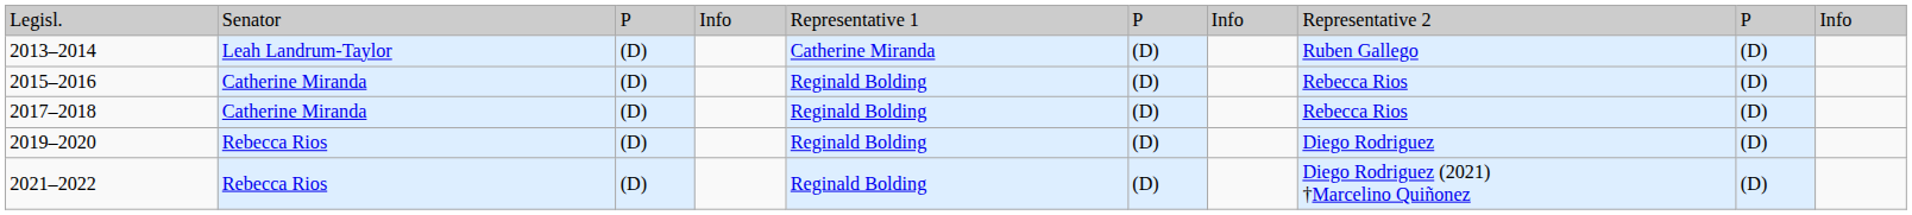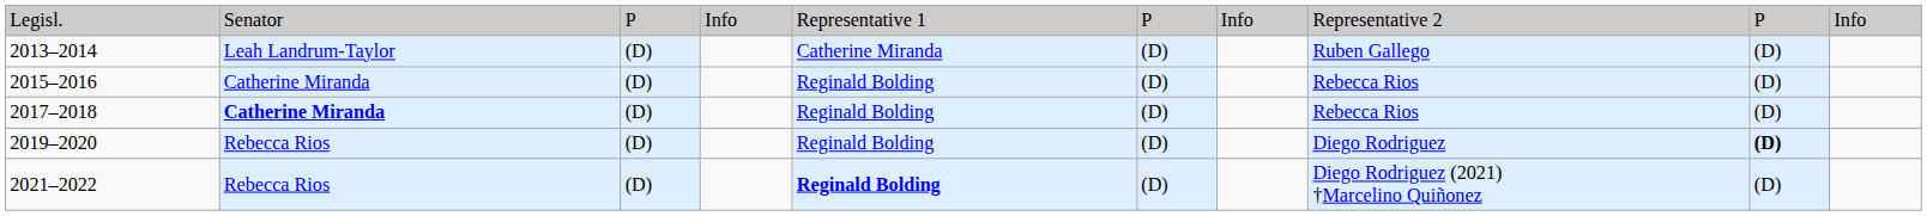 <table class=wikitable width="100%" border="1">
 <tr style="background-color:#cccccc;">
 <td>Legisl.</td>
 <td>Senator</td>
 <td>P</td>
 <td>Info</td>
 <td>Representative 1</td>
 <td>P</td>
 <td>Info</td>
 <td>Representative 2</td>
 <td>P</td>
 <td>Info</td>
 </tr>
 <tr>
 <td>2013–2014</td>
 <td style="background:#DDEEFF"><a href='#'>Leah Landrum-Taylor</a></td>
 <td style="background:#DDEEFF">(D)</td>
 <td></td>
 <td style="background:#DDEEFF"><a href='#'>Catherine Miranda</a></td>
 <td style="background:#DDEEFF">(D)</td>
 <td></td>
 <td style="background:#DDEEFF"><a href='#'>Ruben Gallego</a></td>
 <td style="background:#DDEEFF">(D)</td>
 <td></td>
 </tr>
 <tr>
 <td>2015–2016</td>
 <td style="background:#DDEEFF"><a href='#'>Catherine Miranda</a></td>
 <td style="background:#DDEEFF">(D)</td>
 <td></td>
 <td style="background:#DDEEFF"><a href='#'>Reginald Bolding</a></td>
 <td style="background:#DDEEFF">(D)</td>
 <td></td>
 <td style="background:#DDEEFF"><a href='#'>Rebecca Rios</a></td>
 <td style="background:#DDEEFF">(D)</td>
 <td></td>
 </tr>
 <tr>
 <td>2017–2018</td>
-<td style="background:#DDEEFF"><a href='#'>Catherine Miranda</a></td>
+<td style="background:#DDEEFF"><strong><a href='#'>Catherine Miranda</a></strong></td>
 <td style="background:#DDEEFF">(D)</td>
 <td></td>
 <td style="background:#DDEEFF"><a href='#'>Reginald Bolding</a></td>
 <td style="background:#DDEEFF">(D)</td>
 <td></td>
 <td style="background:#DDEEFF"><a href='#'>Rebecca Rios</a></td>
 <td style="background:#DDEEFF">(D)</td>
 <td></td>
 </tr>
 <tr>
 <td>2019–2020</td>
 <td style="background:#DDEEFF"><a href='#'>Rebecca Rios</a></td>
 <td style="background:#DDEEFF">(D)</td>
 <td></td>
 <td style="background:#DDEEFF"><a href='#'>Reginald Bolding</a></td>
 <td style="background:#DDEEFF">(D)</td>
 <td></td>
 <td style="background:#DDEEFF"><a href='#'>Diego Rodriguez</a></td>
-<td style="background:#DDEEFF">(D)</td>
+<td style="background:#DDEEFF"><strong>(D)</strong></td>
 <td></td>
 </tr>
 <tr>
 <td>2021–2022</td>
 <td style="background:#DDEEFF"><a href='#'>Rebecca Rios</a></td>
 <td style="background:#DDEEFF">(D)</td>
 <td></td>
-<td style="background:#DDEEFF"><a href='#'>Reginald Bolding</a></td>
+<td style="background:#DDEEFF"><strong><a href='#'>Reginald Bolding</a></strong></td>
 <td style="background:#DDEEFF">(D)</td>
 <td></td>
 <td style="background:#DDEEFF"><a href='#'>Diego Rodriguez</a> (2021)<br> †<a href='#'>Marcelino Quiñonez</a></td>
 <td style="background:#DDEEFF">(D)</td>
 <td></td>
 </tr>
 </table>
